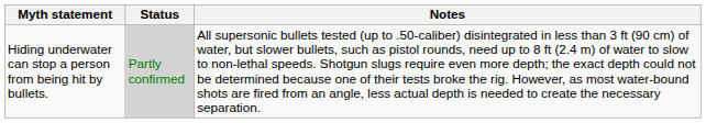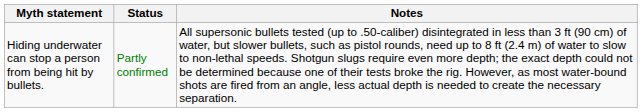 <table class="wikitable plainrowheaders">
 <tr>
 <th>Myth statement</th>
 <th>Status</th>
 <th>Notes</th>
 </tr>
 <tr>
 <td>Hiding underwater can stop a person from being hit by bullets.</td>
-<td style="background: lightgrey; color:green">Partly confirmed</td>
+<td style="color:green">Partly confirmed</td>
 <td>All supersonic bullets tested (up to .50-caliber) disintegrated in less than 3 ft (90 cm) of water, but slower bullets, such as pistol rounds, need up to 8 ft (2.4 m) of water to slow to non-lethal speeds. Shotgun slugs require even more depth; the exact depth could not be determined because one of their tests broke the rig. However, as most water-bound shots are fired from an angle, less actual depth is needed to create the necessary separation.</td>
 </tr>
 </table>
